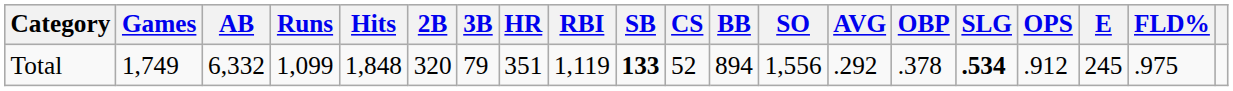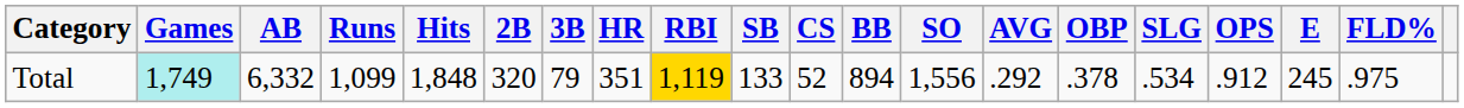 <table class="wikitable">
 <tr>
 <th>Category</th>
 <th><a href='#'>Games</a></th>
 <th><a href='#'>AB</a></th>
 <th><a href='#'>Runs</a></th>
 <th><a href='#'>Hits</a></th>
 <th><a href='#'>2B</a></th>
 <th><a href='#'>3B</a></th>
 <th><a href='#'>HR</a></th>
 <th><a href='#'>RBI</a></th>
 <th><a href='#'>SB</a></th>
 <th><a href='#'>CS</a></th>
 <th><a href='#'>BB</a></th>
 <th><a href='#'>SO</a></th>
 <th><a href='#'>AVG</a></th>
 <th><a href='#'>OBP</a></th>
 <th><a href='#'>SLG</a></th>
 <th><a href='#'>OPS</a></th>
 <th><a href='#'>E</a></th>
 <th><a href='#'>FLD%</a></th>
 <th></th>
 </tr>
 <tr>
 <td>Total</td>
-<td>1,749</td>
+<td style="background: paleturquoise;">1,749</td>
 <td>6,332</td>
 <td>1,099</td>
 <td>1,848</td>
 <td>320</td>
 <td>79</td>
 <td>351</td>
-<td>1,119</td>
-<td><strong>133</strong></td>
+<td style="background: gold;">1,119</td>
+<td>133</td>
 <td>52</td>
 <td>894</td>
 <td>1,556</td>
 <td>.292</td>
 <td>.378</td>
-<td><strong>.534</strong></td>
+<td>.534</td>
 <td>.912</td>
 <td>245</td>
 <td>.975</td>
 <td></td>
 </tr>
 </table>
